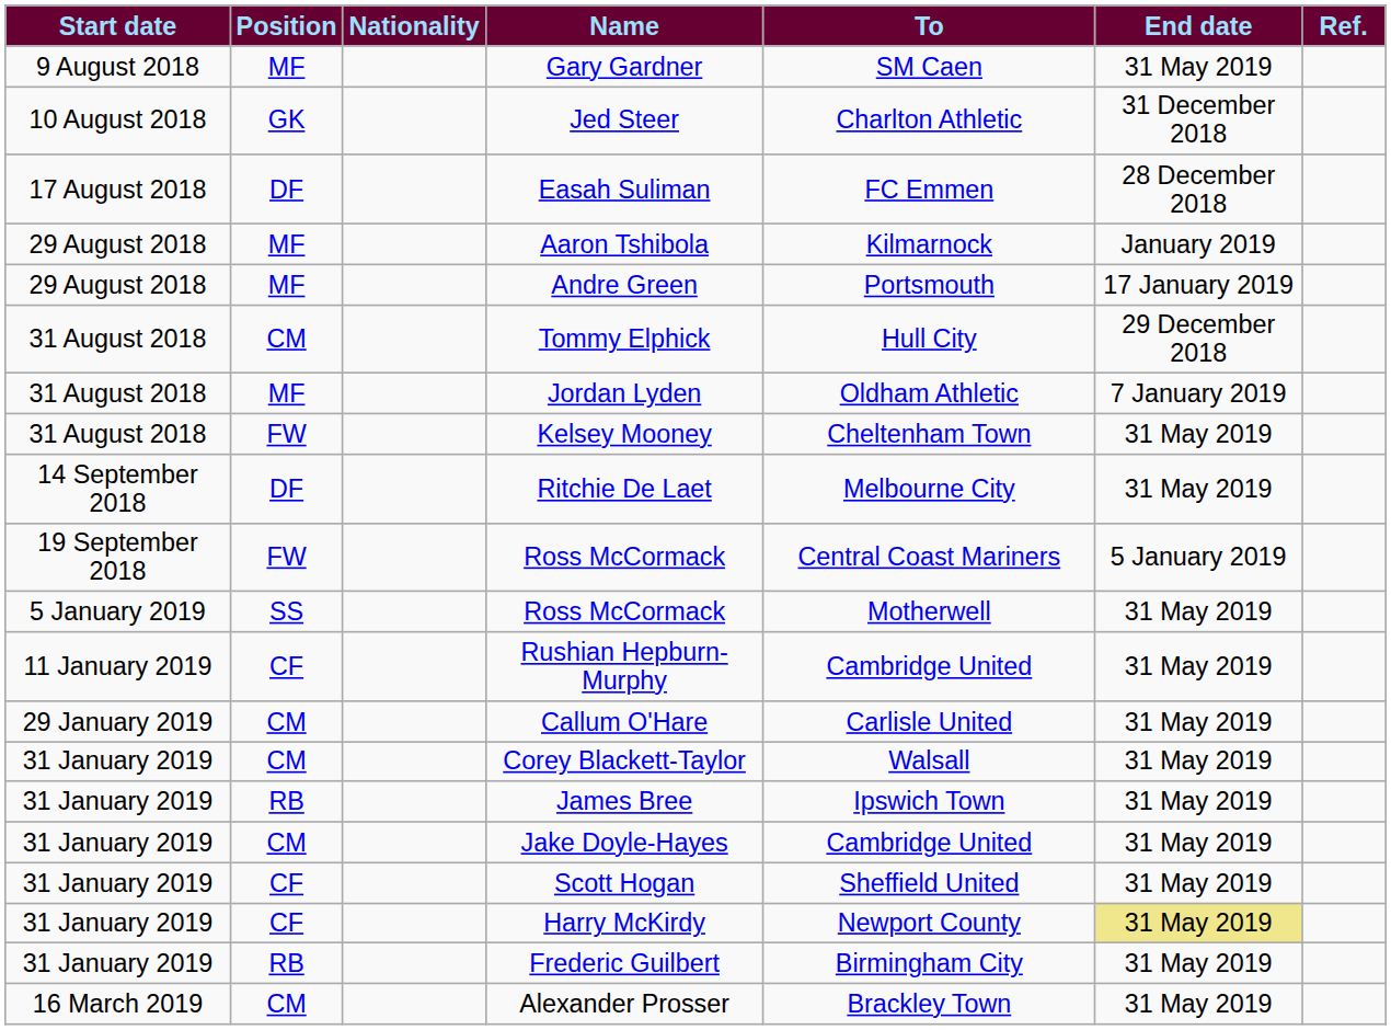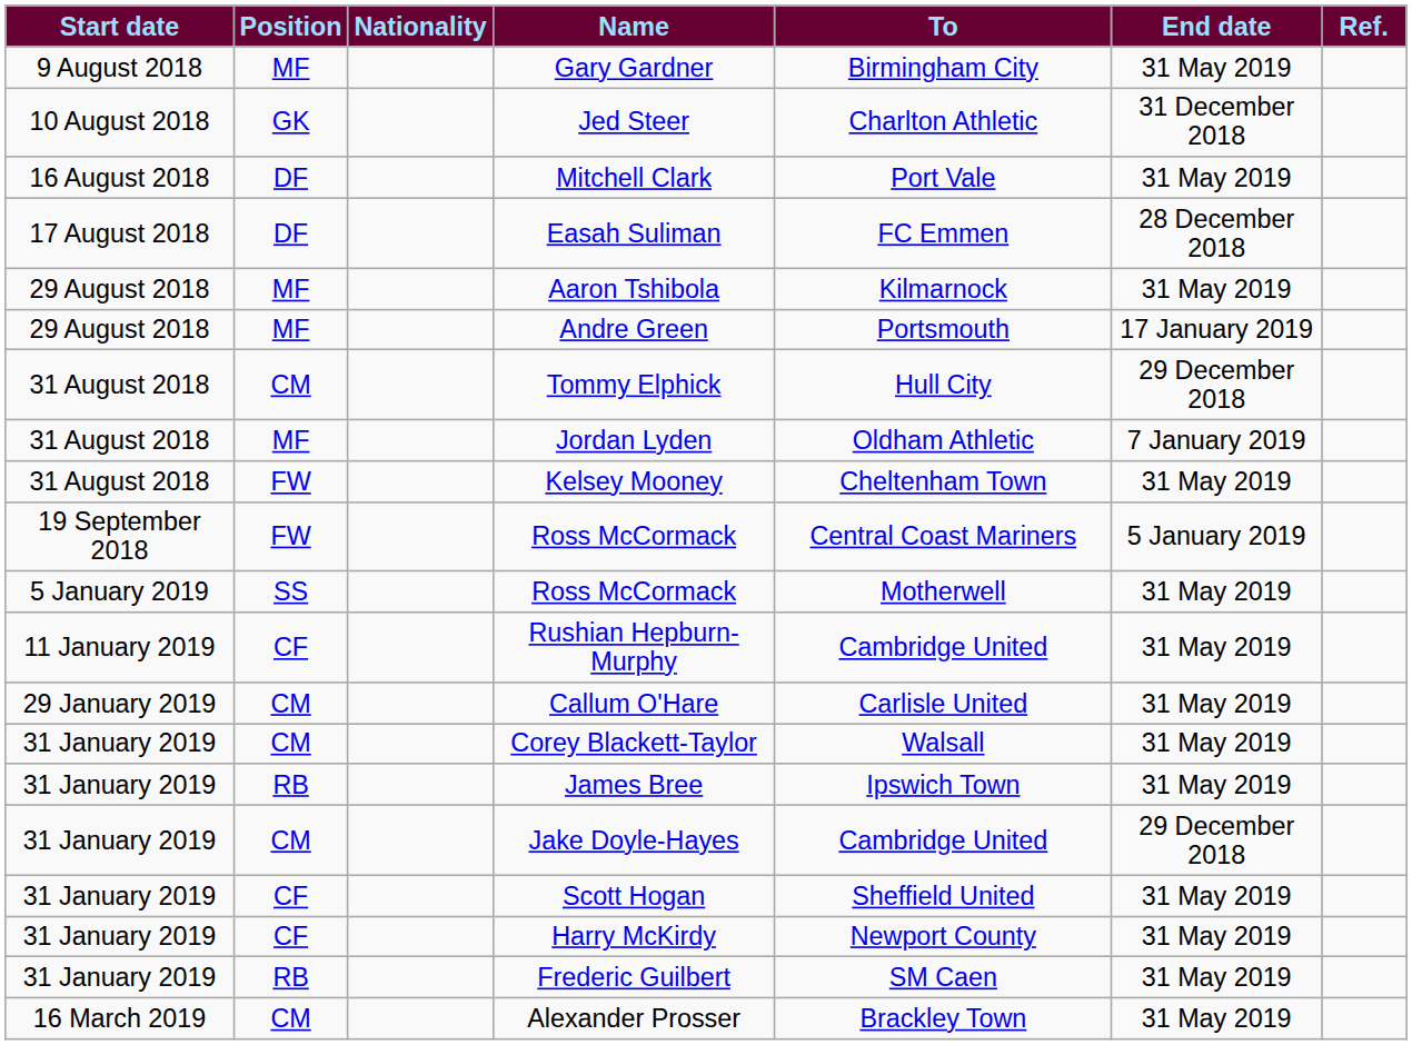 <table class="wikitable"  style="text-align:center; font-size:90%; ">
 <tr>
 <th style="background:#660033; color:#9be1ff; width:120px;">Start date</th>
 <th style="background:#660033; color:#9be1ff; width:50px;">Position</th>
 <th style="background:#660033; color:#9be1ff; width:50px;">Nationality</th>
 <th style="background:#660033; color:#9be1ff; width:150px;">Name</th>
 <th style="background:#660033; color:#9be1ff; width:180px;">To</th>
 <th style="background:#660033; color:#9be1ff; width:110px;">End date</th>
 <th style="background:#660033; color:#9be1ff; width:40px;">Ref.</th>
 </tr>
 <tr>
 <td>9 August 2018</td>
 <td><a href='#'>MF</a></td>
 <td></td>
 <td><a href='#'>Gary Gardner</a></td>
-<td> <a href='#'>SM Caen</a></td>
+<td> <a href='#'>Birmingham City</a></td>
 <td>31 May 2019</td>
 <td></td>
 </tr>
 <tr>
 <td>10 August 2018</td>
 <td><a href='#'>GK</a></td>
 <td></td>
 <td><a href='#'>Jed Steer</a></td>
 <td> <a href='#'>Charlton Athletic</a></td>
 <td>31 December 2018</td>
+<td></td>
+</tr>
+<tr>
+<td>16 August 2018</td>
+<td><a href='#'>DF</a></td>
+<td></td>
+<td><a href='#'>Mitchell Clark</a></td>
+<td> <a href='#'>Port Vale</a></td>
+<td>31 May 2019</td>
 <td></td>
 </tr>
 <tr>
 <td>17 August 2018</td>
 <td><a href='#'>DF</a></td>
 <td></td>
 <td><a href='#'>Easah Suliman</a></td>
 <td> <a href='#'>FC Emmen</a></td>
 <td>28 December 2018</td>
 <td></td>
 </tr>
 <tr>
 <td>29 August 2018</td>
 <td><a href='#'>MF</a></td>
 <td></td>
 <td><a href='#'>Aaron Tshibola</a></td>
 <td> <a href='#'>Kilmarnock</a></td>
-<td>January 2019</td>
+<td>31 May 2019</td>
 <td></td>
 </tr>
 <tr>
 <td>29 August 2018</td>
 <td><a href='#'>MF</a></td>
 <td></td>
 <td><a href='#'>Andre Green</a></td>
 <td> <a href='#'>Portsmouth</a></td>
 <td>17 January 2019</td>
 <td></td>
 </tr>
 <tr>
 <td>31 August 2018</td>
 <td><a href='#'>CM</a></td>
 <td></td>
 <td><a href='#'>Tommy Elphick</a></td>
 <td> <a href='#'>Hull City</a></td>
 <td>29 December 2018</td>
 <td></td>
 </tr>
 <tr>
 <td>31 August 2018</td>
 <td><a href='#'>MF</a></td>
 <td></td>
 <td><a href='#'>Jordan Lyden</a></td>
 <td> <a href='#'>Oldham Athletic</a></td>
 <td>7 January 2019</td>
 <td></td>
 </tr>
 <tr>
 <td>31 August 2018</td>
 <td><a href='#'>FW</a></td>
 <td></td>
 <td><a href='#'>Kelsey Mooney</a></td>
 <td> <a href='#'>Cheltenham Town</a></td>
-<td>31 May 2019</td>
-<td></td>
-</tr>
-<tr>
-<td>14 September 2018</td>
-<td><a href='#'>DF</a></td>
-<td></td>
-<td><a href='#'>Ritchie De Laet</a></td>
-<td> <a href='#'>Melbourne City</a></td>
 <td>31 May 2019</td>
 <td></td>
 </tr>
 <tr>
 <td>19 September 2018</td>
 <td><a href='#'>FW</a></td>
 <td></td>
 <td><a href='#'>Ross McCormack</a></td>
 <td> <a href='#'>Central Coast Mariners</a></td>
 <td>5 January 2019</td>
 <td></td>
 </tr>
 <tr>
 <td>5 January 2019</td>
 <td><a href='#'>SS</a></td>
 <td></td>
 <td><a href='#'>Ross McCormack</a></td>
 <td> <a href='#'>Motherwell</a></td>
 <td>31 May 2019</td>
 <td></td>
 </tr>
 <tr>
 <td>11 January 2019</td>
 <td><a href='#'>CF</a></td>
 <td></td>
 <td><a href='#'>Rushian Hepburn-Murphy</a></td>
 <td> <a href='#'>Cambridge United</a></td>
 <td>31 May 2019</td>
 <td></td>
 </tr>
 <tr>
 <td>29 January 2019</td>
 <td><a href='#'>CM</a></td>
 <td></td>
 <td><a href='#'>Callum O'Hare</a></td>
 <td> <a href='#'>Carlisle United</a></td>
 <td>31 May 2019</td>
 <td></td>
 </tr>
 <tr>
 <td>31 January 2019</td>
 <td><a href='#'>CM</a></td>
 <td></td>
 <td><a href='#'>Corey Blackett-Taylor</a></td>
 <td> <a href='#'>Walsall</a></td>
 <td>31 May 2019</td>
 <td></td>
 </tr>
 <tr>
 <td>31 January 2019</td>
 <td><a href='#'>RB</a></td>
 <td></td>
 <td><a href='#'>James Bree</a></td>
 <td> <a href='#'>Ipswich Town</a></td>
 <td>31 May 2019</td>
 <td></td>
 </tr>
 <tr>
 <td>31 January 2019</td>
 <td><a href='#'>CM</a></td>
 <td></td>
 <td><a href='#'>Jake Doyle-Hayes</a></td>
 <td> <a href='#'>Cambridge United</a></td>
-<td>31 May 2019</td>
+<td>29 December 2018</td>
 <td></td>
 </tr>
 <tr>
 <td>31 January 2019</td>
 <td><a href='#'>CF</a></td>
 <td></td>
 <td><a href='#'>Scott Hogan</a></td>
 <td> <a href='#'>Sheffield United</a></td>
 <td>31 May 2019</td>
 <td></td>
 </tr>
 <tr>
 <td>31 January 2019</td>
 <td><a href='#'>CF</a></td>
 <td></td>
 <td><a href='#'>Harry McKirdy</a></td>
 <td> <a href='#'>Newport County</a></td>
-<td style="background: khaki;">31 May 2019</td>
+<td>31 May 2019</td>
 <td></td>
 </tr>
 <tr>
 <td>31 January 2019</td>
 <td><a href='#'>RB</a></td>
 <td></td>
 <td><a href='#'>Frederic Guilbert</a></td>
-<td> <a href='#'>Birmingham City</a></td>
+<td> <a href='#'>SM Caen</a></td>
 <td>31 May 2019</td>
 <td></td>
 </tr>
 <tr>
 <td>16 March 2019</td>
 <td><a href='#'>CM</a></td>
 <td></td>
 <td>Alexander Prosser</td>
 <td> <a href='#'>Brackley Town</a></td>
 <td>31 May 2019</td>
 <td></td>
 </tr>
 </table>
